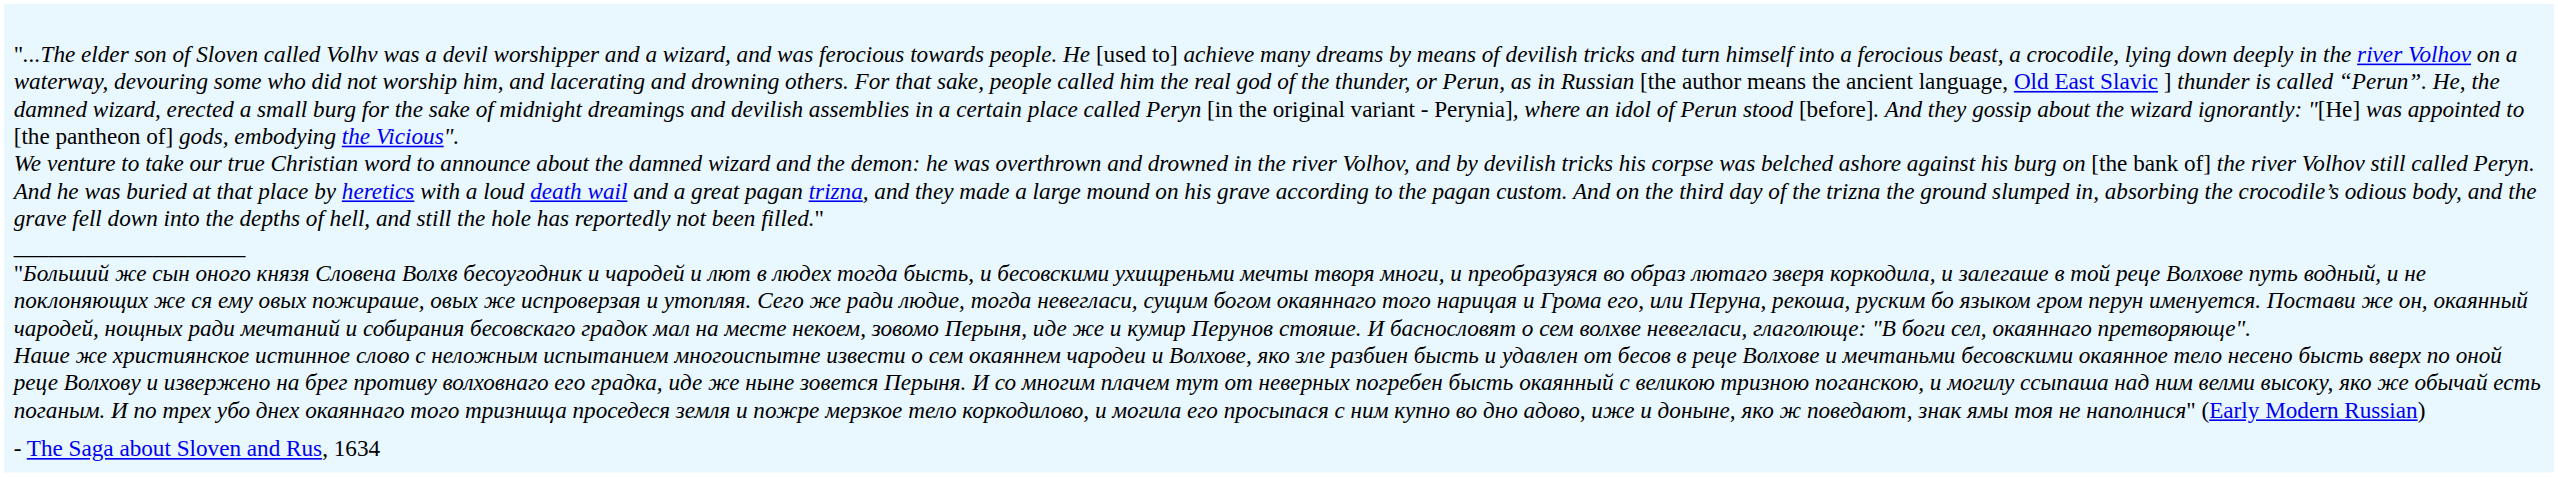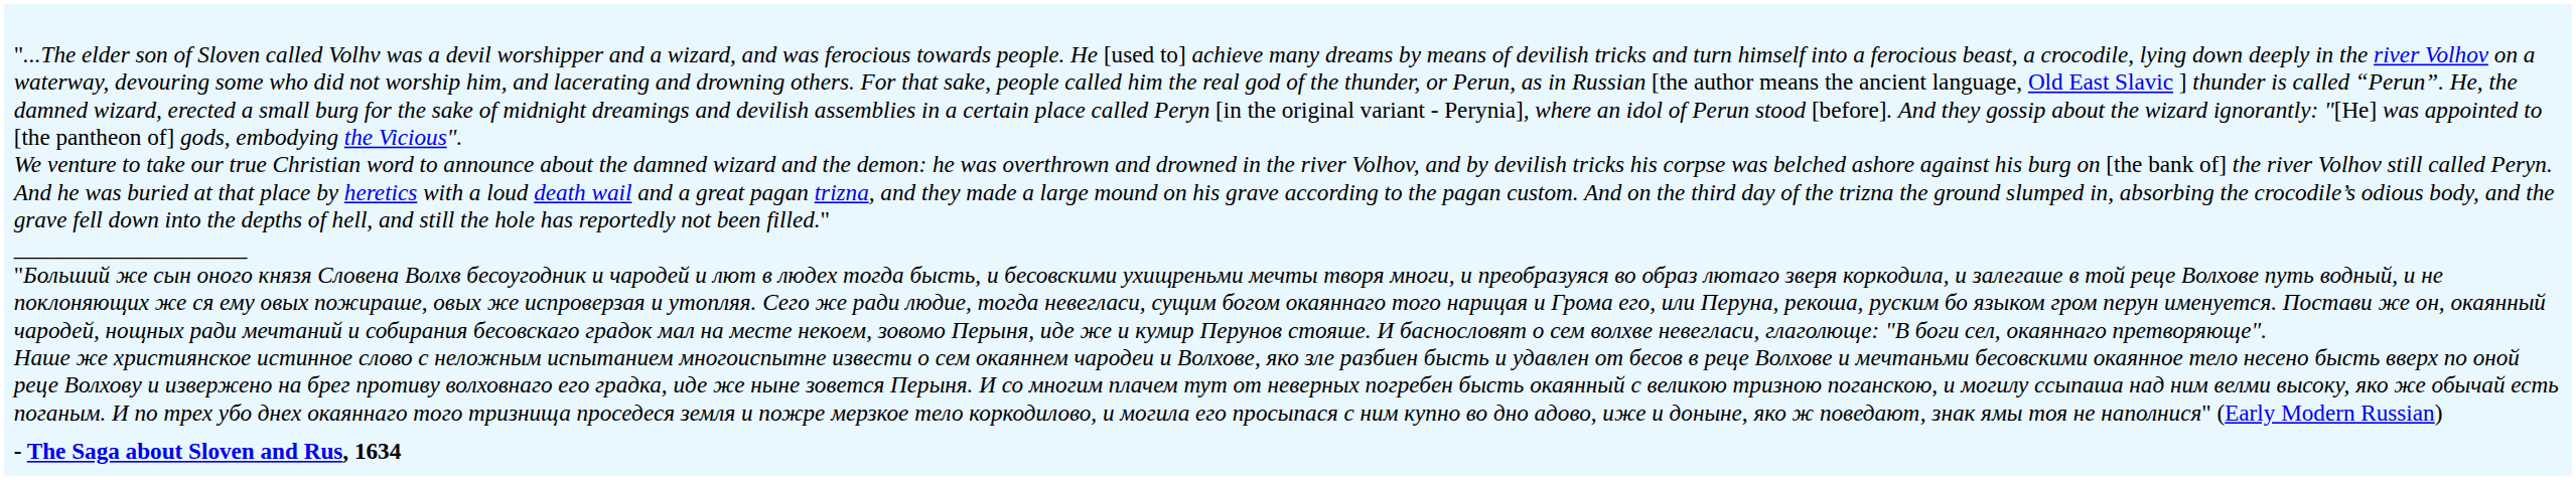 <table class="toccolours" style="font-size: 90%; background:#E9F7FF; color:black;" cellspacing="5">
 <tr>
 <td style="text-align: left;"><br>"<em>...The elder son of Sloven called Volhv was a devil worshipper and a wizard, and was ferocious towards people. He </em>[used to]<em> achieve many dreams by means of devilish tricks and turn himself into a ferocious beast, a crocodile, lying down deeply in the <a href='#'>river Volhov</a> on a waterway, devouring some who did not worship him, and lacerating and drowning others. For that sake, people called him the real god of the thunder, or Perun, as in Russian </em>[the author means the ancient language, <a href='#'>Old East Slavic</a> ]<em> thunder is called “Perun”. He, the damned wizard, erected a small burg for the sake of midnight dreamings and devilish assemblies in a certain place called Peryn </em>[in the original variant - Perynia]<em>, where an idol of Perun stood </em>[before]<em>. And they gossip about the wizard ignorantly: "</em>[He]<em> was appointed to </em>[the pantheon of]<em> gods, embodying <a href='#'>the Vicious</a>".</em><br><em>We venture to take our true Christian word to announce about the damned wizard and the demon: he was overthrown and drowned in the river Volhov, and by devilish tricks his corpse was belched ashore against his burg on </em>[the bank of]<em> the river Volhov still called Peryn. And he was buried at that place by <a href='#'>heretics</a> with a loud <a href='#'>death wail</a> and a great pagan <a href='#'>trizna</a>, and they made a large mound on his grave according to the pagan custom. And on the third day of the trizna the ground slumped in, absorbing the crocodile’s odious body, and the grave fell down into the depths of hell, and still the hole has reportedly not been filled.</em>"<br> ____________________<br>"<em>Больший же сын оного князя Словена Волхв бесоугодник и чародей и лют в людех тогда бысть, и бесовскими ухищреньми мечты творя многи, и преобразуяся во образ лютаго зверя коркодила, и залегаше в той реце Волхове путь водный, и не поклоняющих же ся ему овых пожираше, овых же испроверзая и утопляя. Сего же ради людие, тогда невегласи, сущим богом окаяннаго того нарицая и Грома его, или Перуна, рекоша, руским бо языком гром перун именуется. Постави же он, окаянный чародей, нощных ради мечтаний и собирания бесовскаго градок мал на месте некоем, зовомо Перыня, иде же и кумир Перунов стояше. И баснословят о сем волхве невегласи, глаголюще: "В боги сел, окаяннаго претворяюще".</em><br><em>Наше же християнское истинное слово с неложным испытанием многоиспытне извести о сем окаяннем чародеи и Волхове, яко зле разбиен бысть и удавлен от бесов в реце Волхове и мечтаньми бесовскими окаянное тело несено бысть вверх по оной реце Волхову и извержено на брег противу волховнаго его градка, иде же ныне зовется Перыня. И со многим плачем тут от неверных погребен бысть окаянный с великою тризною поганскою, и могилу ссыпаша над ним велми высоку, яко же обычай есть поганым. И по трех убо днех окаяннаго того тризнища проседеся земля и пожре мерзкое тело коркодилово, и могила его просыпася с ним купно во дно адово, иже и доныне, яко ж поведают, знак ямы тоя не наполнися</em>" (<a href='#'>Early Modern Russian</a>) </td>
 </tr>
 <tr>
-<td style="text-align: left;">- <a href='#'>The Saga about Sloven and Rus</a>, 1634</td>
+<td style="text-align: left;"><strong>- <a href='#'>The Saga about Sloven and Rus</a>, 1634</strong></td>
 </tr>
 </table>
